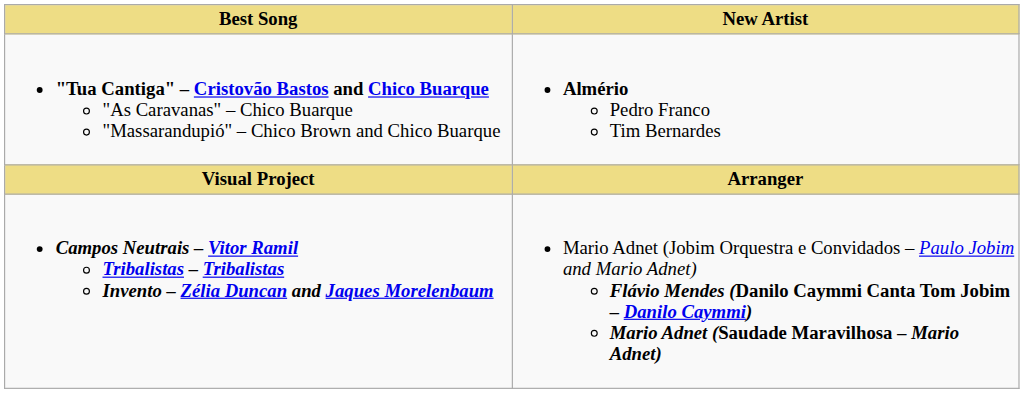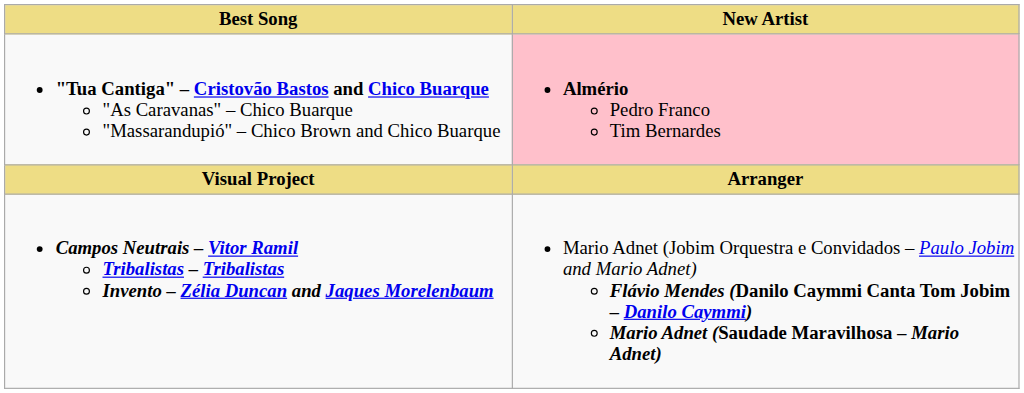 <table class="wikitable" style="width=">
 <tr>
 <th style="background:#EEDD85; width:50%">Best Song</th>
 <th style="background:#EEDD85; width:50%">New Artist</th>
 </tr>
 <tr>
 <td style="vertical-align:top"><br><ul><li><strong>"Tua Cantiga" – <a href='#'>Cristovão Bastos</a> and <a href='#'>Chico Buarque</a></strong><ul><li>"As Caravanas" – Chico Buarque</li><li>"Massarandupió" – Chico Brown and Chico Buarque</li></ul></li></ul></td>
-<td style="vertical-align:top"><br><ul><li><strong>Almério</strong><ul><li>Pedro Franco</li><li>Tim Bernardes</li></ul></li></ul></td>
+<td style="background: pink; vertical-align:top"><br><ul><li><strong>Almério</strong><ul><li>Pedro Franco</li><li>Tim Bernardes</li></ul></li></ul></td>
 </tr>
 <tr>
 <th style="background:#EEDD85; width:50%">Visual Project</th>
 <th style="background:#EEDD85; width:50%">Arranger</th>
 </tr>
 <tr>
 <td style="vertical-align:top"><br><ul><li><strong><em>Campos Neutrais<em> – <a href='#'>Vitor Ramil</a><strong><ul><li></em><a href='#'>Tribalistas</a><em> – <a href='#'>Tribalistas</a></li><li></em>Invento<em> – <a href='#'>Zélia Duncan</a> and <a href='#'>Jaques Morelenbaum</a></li></ul></li></ul></td>
 <td style="vertical-align:top"><br><ul><li></strong>Mario Adnet (</em>Jobim Orquestra e Convidados<em> – <a href='#'>Paulo Jobim</a> and Mario Adnet)<strong><ul><li>Flávio Mendes (</em>Danilo Caymmi Canta Tom Jobim<em> – <a href='#'>Danilo Caymmi</a>)</li><li>Mario Adnet (</em>Saudade Maravilhosa<em> – Mario Adnet)</li></ul></li></ul></td>
 </tr>
 </table>
